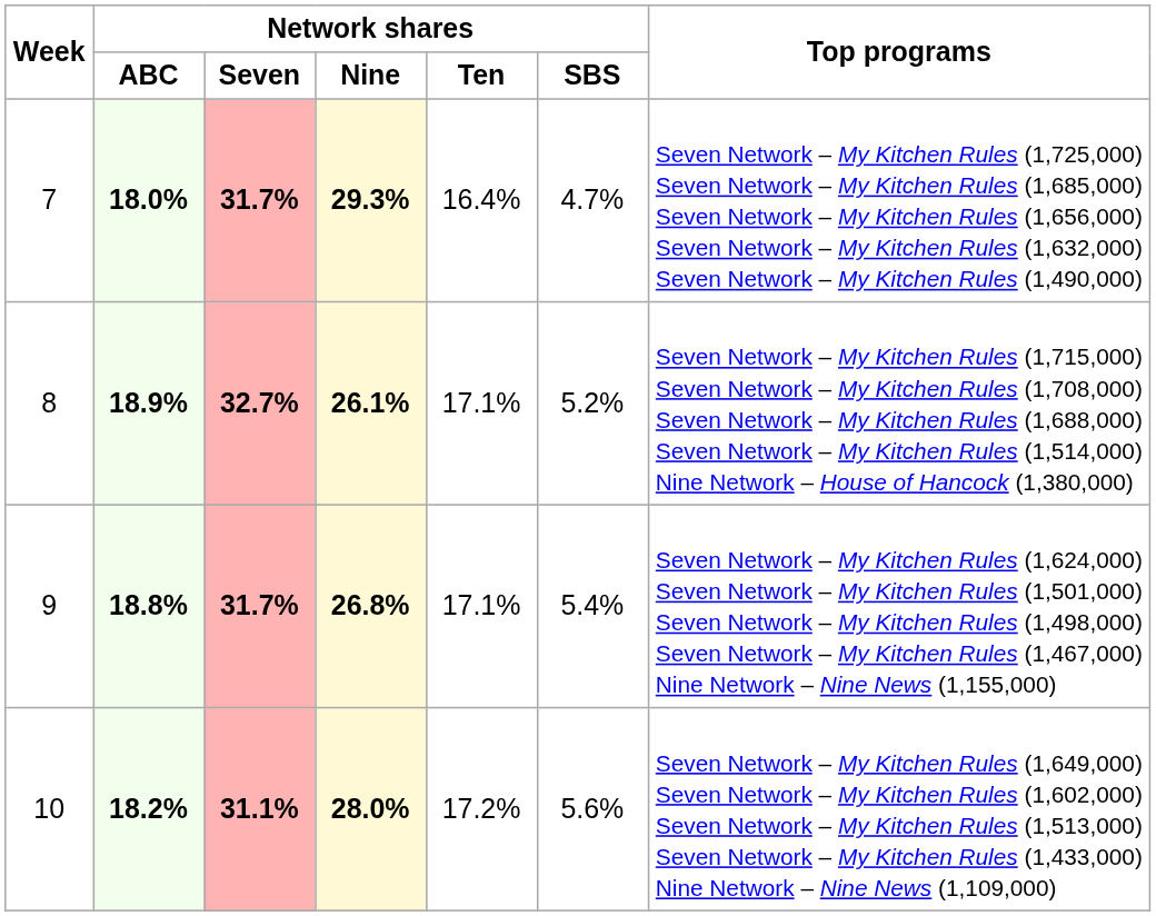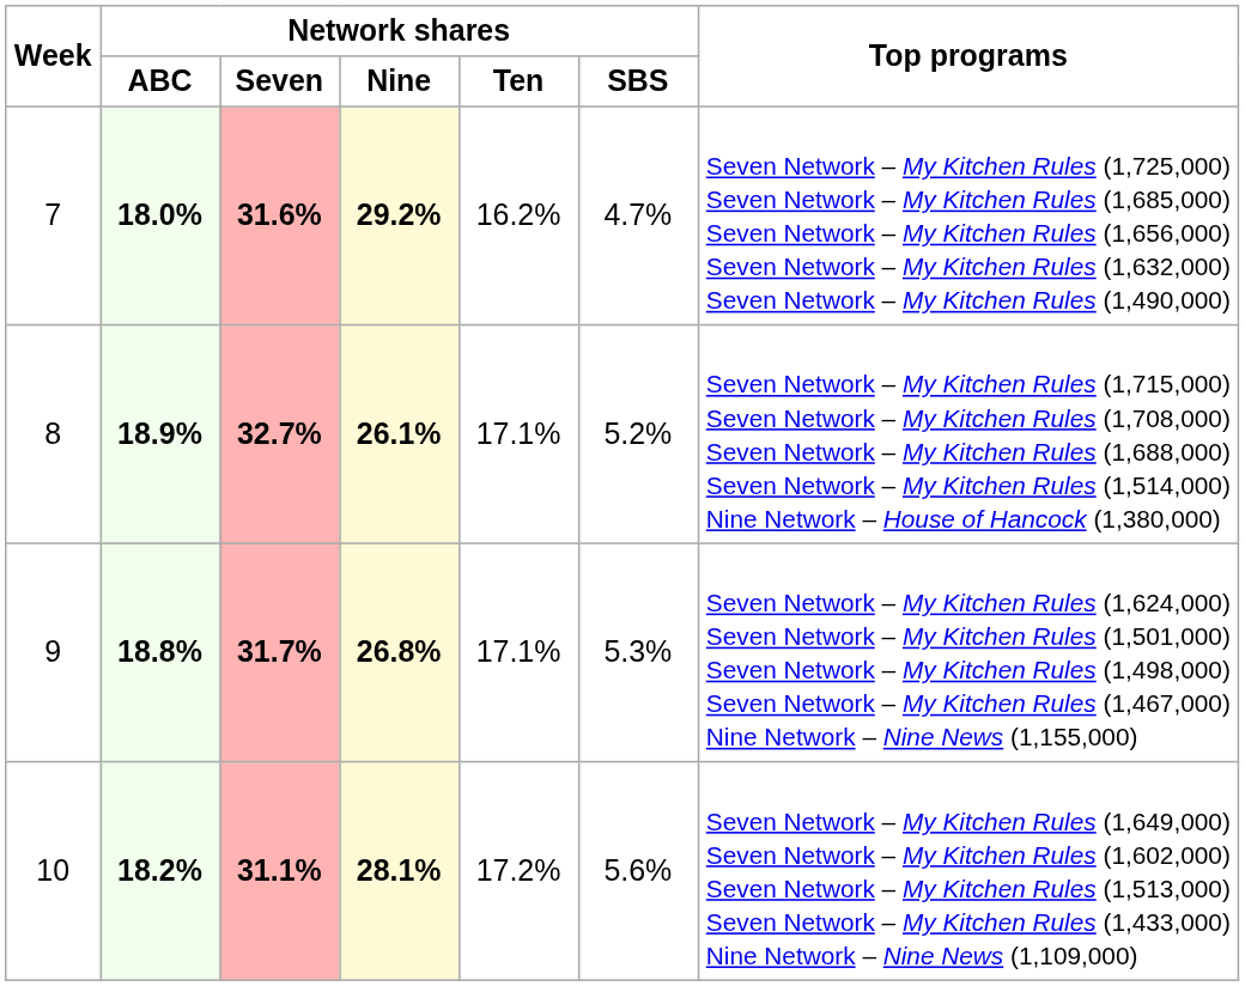 <table border="1" cellpadding="4" cellspacing="0" style="border:1px solid #aaa; border-collapse:collapse">
 <tr bgcolor="white" align="center">
 <th rowspan=2>Week</th>
 <th colspan=5>Network shares</th>
 <th rowspan=2>Top programs</th>
 </tr>
 <tr bgcolor="white" align="center">
 <td width=55><strong>ABC</strong></td>
 <td width=55><strong>Seven</strong></td>
 <td width=55><strong>Nine</strong></td>
 <td width=55><strong>Ten</strong></td>
 <td width=55><strong>SBS</strong></td>
 </tr>
 <tr align=center>
 <td>7</td>
 <th style="background-color: #F1FFEC">18.0%</th>
-<th style="background-color: #FFB3B3;">31.7%</th>
-<th style="background-color: #FFFAD5"><strong>29.3%</strong></th>
-<td>16.4%</td>
+<th style="background-color: #FFB3B3;">31.6%</th>
+<th style="background-color: #FFFAD5"><strong>29.2%</strong></th>
+<td>16.2%</td>
 <td>4.7%</td>
 <td align=left><br><small><a href='#'>Seven Network</a> –   <em><a href='#'>My Kitchen Rules</a></em> (1,725,000)<br> <a href='#'>Seven Network</a> –   <em><a href='#'>My Kitchen Rules</a></em> (1,685,000)<br> <a href='#'>Seven Network</a> –   <em><a href='#'>My Kitchen Rules</a></em> (1,656,000)<br> <a href='#'>Seven Network</a> –   <em><a href='#'>My Kitchen Rules</a></em> (1,632,000)<br> <a href='#'>Seven Network</a> –   <em><a href='#'>My Kitchen Rules</a></em> (1,490,000)<br></small></td>
 </tr>
 <tr align=center>
 <td>8</td>
 <th style="background-color: #F1FFEC">18.9%</th>
 <th style="background-color: #FFB3B3;">32.7%</th>
 <th style="background-color: #FFFAD5">26.1%</th>
 <td>17.1%</td>
 <td>5.2%</td>
 <td align=left><br><small><a href='#'>Seven Network</a> –   <em><a href='#'>My Kitchen Rules</a></em> (1,715,000)<br> <a href='#'>Seven Network</a> –   <em><a href='#'>My Kitchen Rules</a></em> (1,708,000)<br> <a href='#'>Seven Network</a> –   <em><a href='#'>My Kitchen Rules</a></em> (1,688,000)<br> <a href='#'>Seven Network</a> –   <em><a href='#'>My Kitchen Rules</a></em> (1,514,000)<br> <a href='#'>Nine Network</a> –   <em><a href='#'>House of Hancock</a></em> (1,380,000)<br></small></td>
 </tr>
 <tr align=center>
 <td>9</td>
 <th style="background-color: #F1FFEC">18.8%</th>
 <th style="background-color: #FFB3B3;">31.7%</th>
 <th style="background-color: #FFFAD5">26.8%</th>
 <td>17.1%</td>
-<td>5.4%</td>
+<td>5.3%</td>
 <td align=left><br><small><a href='#'>Seven Network</a> –   <em><a href='#'>My Kitchen Rules</a></em> (1,624,000)<br> <a href='#'>Seven Network</a> –   <em><a href='#'>My Kitchen Rules</a></em> (1,501,000)<br> <a href='#'>Seven Network</a> –   <em><a href='#'>My Kitchen Rules</a></em> (1,498,000)<br> <a href='#'>Seven Network</a> –   <em><a href='#'>My Kitchen Rules</a></em> (1,467,000)<br> <a href='#'>Nine Network</a> –   <em><a href='#'>Nine News</a></em> (1,155,000)<br></small></td>
 </tr>
 <tr align=center>
 <td>10</td>
 <th style="background-color: #F1FFEC">18.2%</th>
 <th style="background-color: #FFB3B3;">31.1%</th>
-<th style="background-color: #FFFAD5">28.0%</th>
+<th style="background-color: #FFFAD5">28.1%</th>
 <td>17.2%</td>
 <td>5.6%</td>
 <td align=left><br><small><a href='#'>Seven Network</a> –   <em><a href='#'>My Kitchen Rules</a></em> (1,649,000)<br> <a href='#'>Seven Network</a> –   <em><a href='#'>My Kitchen Rules</a></em> (1,602,000)<br> <a href='#'>Seven Network</a> –   <em><a href='#'>My Kitchen Rules</a></em> (1,513,000)<br> <a href='#'>Seven Network</a> –   <em><a href='#'>My Kitchen Rules</a></em> (1,433,000)<br> <a href='#'>Nine Network</a> –   <em><a href='#'>Nine News</a></em> (1,109,000)<br></small></td>
 </tr>
 </table>
